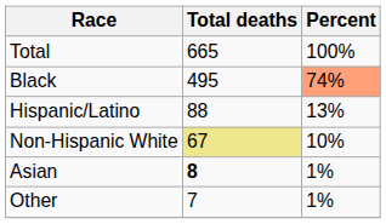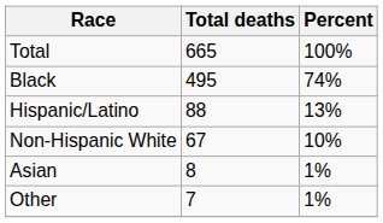 <table class="wikitable" style="display: inline-table;">
 <tr>
 <th>Race</th>
 <th>Total deaths</th>
 <th>Percent</th>
 </tr>
 <tr>
 <td>Total</td>
 <td>665</td>
 <td>100%</td>
 </tr>
 <tr>
 <td>Black</td>
 <td>495</td>
-<td style="background: lightsalmon;">74%</td>
+<td>74%</td>
 </tr>
 <tr>
 <td>Hispanic/Latino</td>
 <td>88</td>
 <td>13%</td>
 </tr>
 <tr>
 <td>Non-Hispanic White</td>
-<td style="background: khaki;">67</td>
+<td>67</td>
 <td>10%</td>
 </tr>
 <tr>
 <td>Asian</td>
-<td><strong>8</strong></td>
+<td>8</td>
 <td>1%</td>
 </tr>
 <tr>
 <td>Other</td>
 <td>7</td>
 <td>1%</td>
 </tr>
 <tr>
 </tr>
 </table>
